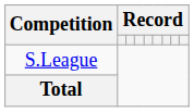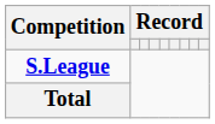 <table class="wikitable" style="text-align: center">
 <tr>
 <th rowspan=2>Competition</th>
 <th colspan=8>Record</th>
 </tr>
 <tr>
 <th></th>
 <th></th>
 <th></th>
 <th></th>
 <th></th>
 <th></th>
 <th></th>
 <th></th>
 </tr>
 <tr>
-<td><a href='#'>S.League</a><br></td>
+<td><strong><a href='#'>S.League</a><br></strong></td>
 </tr>
 <tr>
 <th>Total<br></th>
 </tr>
 </table>
